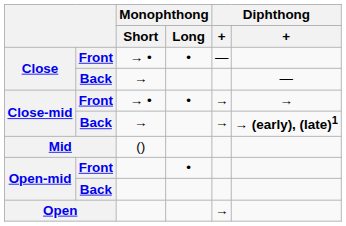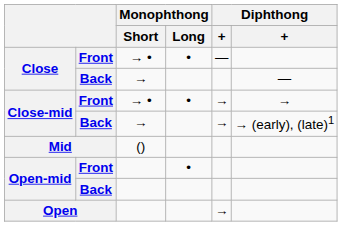 <table class="wikitable mw-collapsible" style="text-align: center">
 <tr>
 <th colspan="2" rowspan="2"></th>
 <th colspan="2">Monophthong</th>
 <th colspan="2">Diphthong</th>
 </tr>
 <tr>
 <th>Short</th>
 <th>Long</th>
 <th>+ </th>
 <th>+ </th>
 </tr>
 <tr>
 <th rowspan="2"><a href='#'>Close</a></th>
 <th><a href='#'>Front</a></th>
 <td>→<strong></strong> • <em></em></td>
 <td> • <em></em></td>
 <td>—</td>
 <td></td>
 </tr>
 <tr>
 <th><a href='#'>Back</a></th>
 <td>→<strong></strong></td>
 <td></td>
 <td></td>
 <td>—</td>
 </tr>
 <tr>
 <th rowspan="2"><a href='#'>Close-mid</a></th>
 <th><a href='#'>Front</a></th>
 <td>→<strong></strong> • <em></em></td>
 <td> • <em></em></td>
 <td><em></em>→</td>
 <td><em></em>→</td>
 </tr>
 <tr>
 <th><a href='#'>Back</a></th>
 <td>→<strong></strong></td>
 <td></td>
 <td><em></em>→</td>
-<td><strong><em></em>→ (early),  (late)<sup>1</sup></strong></td>
+<td><em></em>→ (early),  (late)<sup>1</sup></td>
 </tr>
 <tr>
 <th colspan="2"><a href='#'>Mid</a></th>
 <td>(<strong></strong>)</td>
 <td></td>
 <td></td>
 <td></td>
 </tr>
 <tr>
 <th rowspan="2"><a href='#'>Open-mid</a></th>
 <th><a href='#'>Front</a></th>
 <td></td>
 <td> • <em></em></td>
 <td></td>
 <td></td>
 </tr>
 <tr>
 <th><a href='#'>Back</a></th>
 <td></td>
 <td></td>
 <td></td>
 <td></td>
 </tr>
 <tr>
 <th colspan="2"><a href='#'>Open</a></th>
 <td></td>
 <td><strong></strong></td>
 <td><em></em>→</td>
 <td></td>
 </tr>
 </table>
